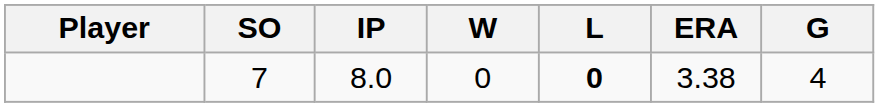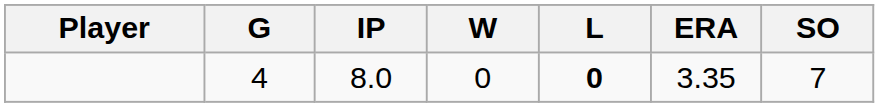 <table class="wikitable sortable">
 <tr>
 <th bgcolor="#DDDDFF" width="16%">Player</th>
-<th bgcolor="#DDDDFF" width="9%">SO</th>
+<th bgcolor="#DDDDFF" width="9%">G</th>
 <th bgcolor="#DDDDFF" width="9%">IP</th>
 <th bgcolor="#DDDDFF" width="9%">W</th>
 <th bgcolor="#DDDDFF" width="9%">L</th>
 <th bgcolor="#DDDDFF" width="9%">ERA</th>
-<th bgcolor="#DDDDFF" width="9%">G</th>
+<th bgcolor="#DDDDFF" width="9%">SO</th>
 </tr>
 <tr align="center">
 <td></td>
-<td>7</td>
+<td>4</td>
 <td>8.0</td>
 <td>0</td>
 <td><strong>0</strong></td>
-<td>3.38</td>
-<td>4</td>
+<td>3.35</td>
+<td>7</td>
 </tr>
 </table>
